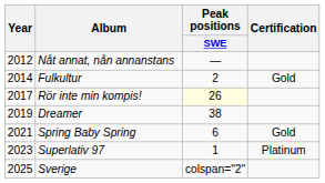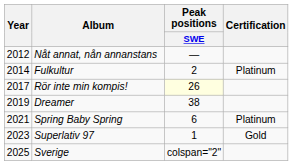 <table class="wikitable">
 <tr>
 <th align="center" rowspan="2" width="10">Year</th>
 <th align="center" rowspan="2" width="200">Album</th>
 <th align="center" colspan="1" width="20">Peak positions</th>
 <th align="center" rowspan="2" width="70">Certification</th>
 </tr>
 <tr>
 <th scope="col" style="width:3em;font-size:90%;"><a href='#'>SWE</a><br></th>
 </tr>
 <tr>
 <td style="text-align:center;">2012</td>
 <td><em>Nåt annat, nån annanstans</em></td>
 <td style="text-align:center;">—</td>
 <td style="text-align:center;"></td>
 </tr>
 <tr>
 <td style="text-align:center;">2014</td>
 <td><em>Fulkultur</em></td>
 <td style="text-align:center;">2</td>
-<td style="text-align:center;">Gold</td>
+<td style="text-align:center;">Platinum</td>
 </tr>
 <tr>
 <td style="text-align:center;">2017</td>
 <td><em>Rör inte min kompis!</em></td>
 <td style="background: lightyellow; text-align:center;">26</td>
 <td style="text-align:center;"></td>
 </tr>
 <tr>
 <td style="text-align:center;">2019</td>
 <td><em>Dreamer</em></td>
 <td style="text-align:center;">38</td>
 <td style="text-align:center;"></td>
 </tr>
 <tr>
 <td style="text-align:center;">2021</td>
 <td><em>Spring Baby Spring</em></td>
 <td style="text-align:center;">6</td>
-<td style="text-align:center;">Gold</td>
+<td style="text-align:center;">Platinum</td>
 </tr>
 <tr>
 <td style="text-align:center;">2023</td>
 <td><em>Superlativ 97</em></td>
 <td style="text-align:center;">1</td>
-<td style="text-align:center;">Platinum</td>
+<td style="text-align:center;">Gold</td>
 </tr>
 <tr>
 <td style="text-align:center;">2025</td>
 <td><em>Sverige</em></td>
 <td>colspan="2"</td>
 </tr>
 </table>
